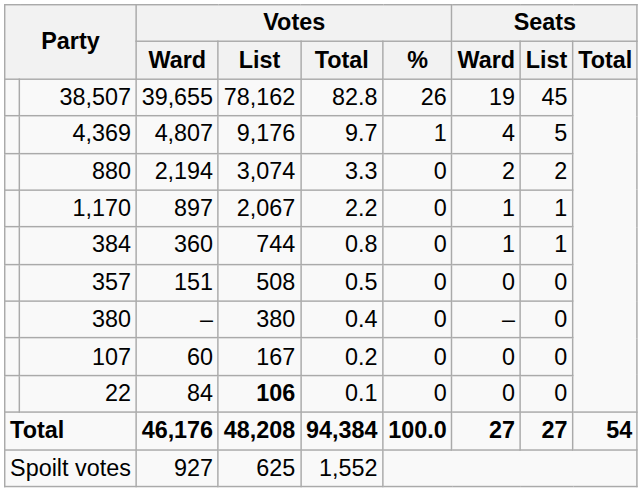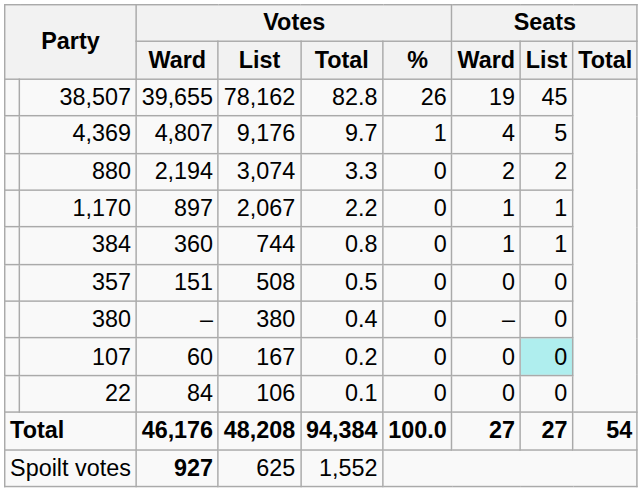 <table class=wikitable style="text-align:right">
 <tr>
 <th rowspan="2" colspan="2">Party</th>
 <th colspan="4" align="center">Votes</th>
 <th colspan="3" align="center">Seats</th>
 </tr>
 <tr>
 <th>Ward</th>
 <th>List</th>
 <th>Total</th>
 <th>%</th>
 <th>Ward</th>
 <th>List</th>
 <th>Total</th>
 </tr>
 <tr>
 <td></td>
 <td>38,507</td>
 <td>39,655</td>
 <td>78,162</td>
 <td>82.8</td>
 <td>26</td>
 <td>19</td>
 <td>45</td>
 </tr>
 <tr>
 <td></td>
 <td>4,369</td>
 <td>4,807</td>
 <td>9,176</td>
 <td>9.7</td>
 <td>1</td>
 <td>4</td>
 <td>5</td>
 </tr>
 <tr>
 <td></td>
 <td>880</td>
 <td>2,194</td>
 <td>3,074</td>
 <td>3.3</td>
 <td>0</td>
 <td>2</td>
 <td>2</td>
 </tr>
 <tr>
 <td></td>
 <td>1,170</td>
 <td>897</td>
 <td>2,067</td>
 <td>2.2</td>
 <td>0</td>
 <td>1</td>
 <td>1</td>
 </tr>
 <tr>
 <td></td>
 <td>384</td>
 <td>360</td>
 <td>744</td>
 <td>0.8</td>
 <td>0</td>
 <td>1</td>
 <td>1</td>
 </tr>
 <tr>
 <td></td>
 <td>357</td>
 <td>151</td>
 <td>508</td>
 <td>0.5</td>
 <td>0</td>
 <td>0</td>
 <td>0</td>
 </tr>
 <tr>
 <td></td>
 <td>380</td>
 <td>–</td>
 <td>380</td>
 <td>0.4</td>
 <td>0</td>
 <td>–</td>
 <td>0</td>
 </tr>
 <tr>
 <td></td>
 <td>107</td>
 <td>60</td>
 <td>167</td>
 <td>0.2</td>
 <td>0</td>
 <td>0</td>
-<td>0</td>
+<td style="background: paleturquoise;">0</td>
 </tr>
 <tr>
 <td></td>
 <td>22</td>
 <td>84</td>
-<td><strong>106</strong></td>
+<td>106</td>
 <td>0.1</td>
 <td>0</td>
 <td>0</td>
 <td>0</td>
 </tr>
 <tr>
 <td colspan="2" style="text-align:left"><strong>Total</strong></td>
 <td><strong>46,176</strong></td>
 <td><strong>48,208</strong></td>
 <td><strong>94,384</strong></td>
 <td><strong>100.0</strong></td>
 <td><strong>27</strong></td>
 <td><strong>27</strong></td>
 <td><strong>54</strong></td>
 </tr>
 <tr>
 <td colspan="2" style="text-align:left">Spoilt votes</td>
-<td>927</td>
+<td><strong>927</strong></td>
 <td>625</td>
 <td>1,552</td>
 </tr>
 </table>
